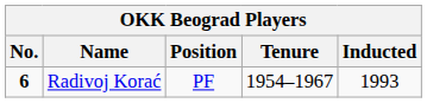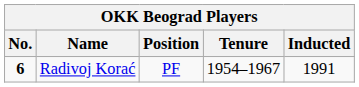 <table class="wikitable" style="text-align:center">
 <tr>
 <th colspan="5">OKK Beograd Players</th>
 </tr>
 <tr>
 <th>No.</th>
 <th>Name</th>
 <th>Position</th>
 <th>Tenure</th>
 <th>Inducted</th>
 </tr>
 <tr>
 <td><strong>6</strong></td>
 <td><a href='#'>Radivoj Korać</a></td>
 <td><a href='#'>PF</a></td>
 <td>1954–1967</td>
-<td>1993</td>
+<td>1991</td>
 </tr>
 </table>
